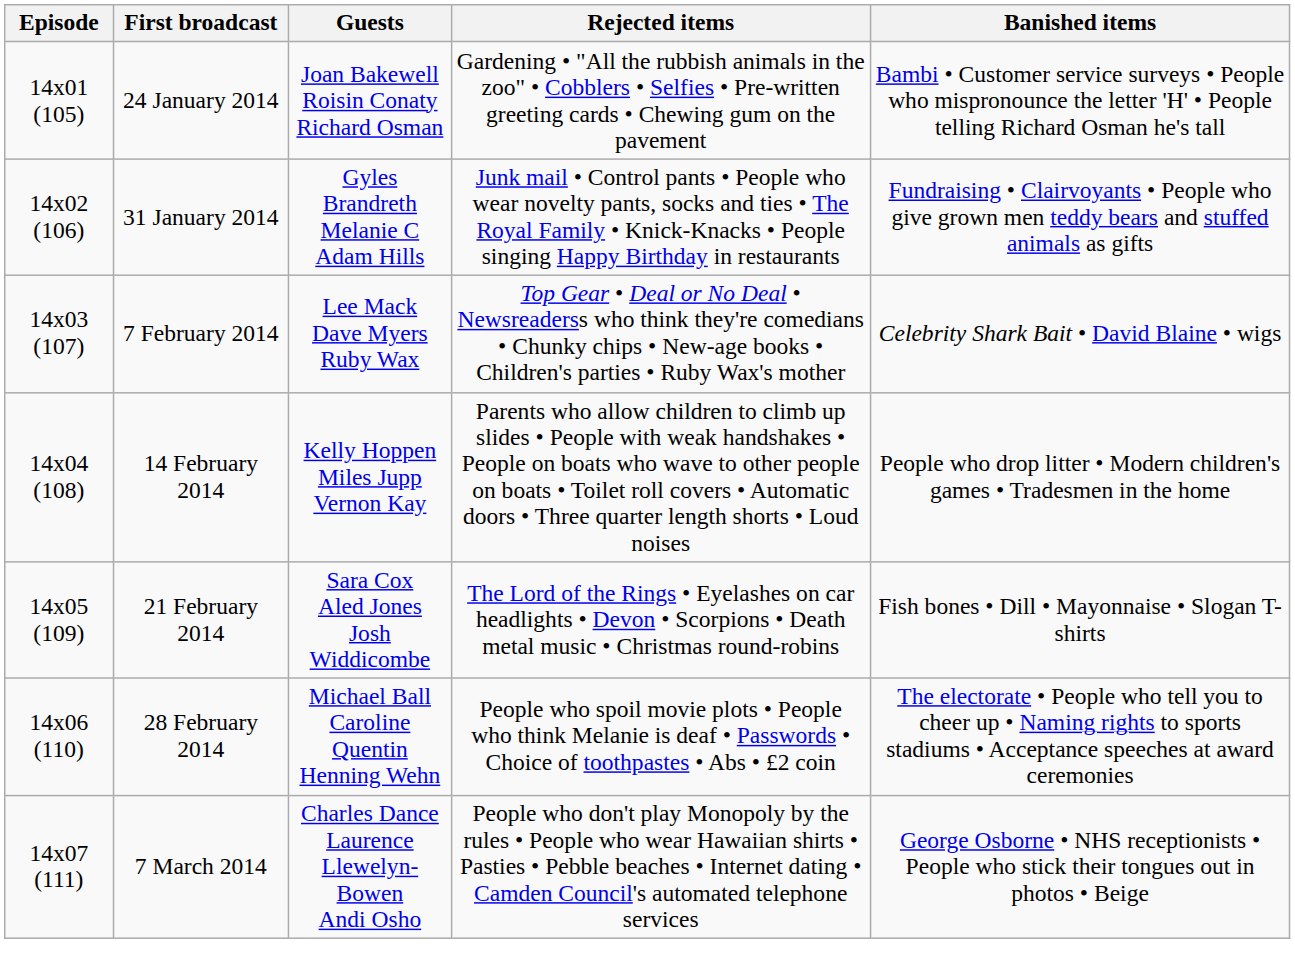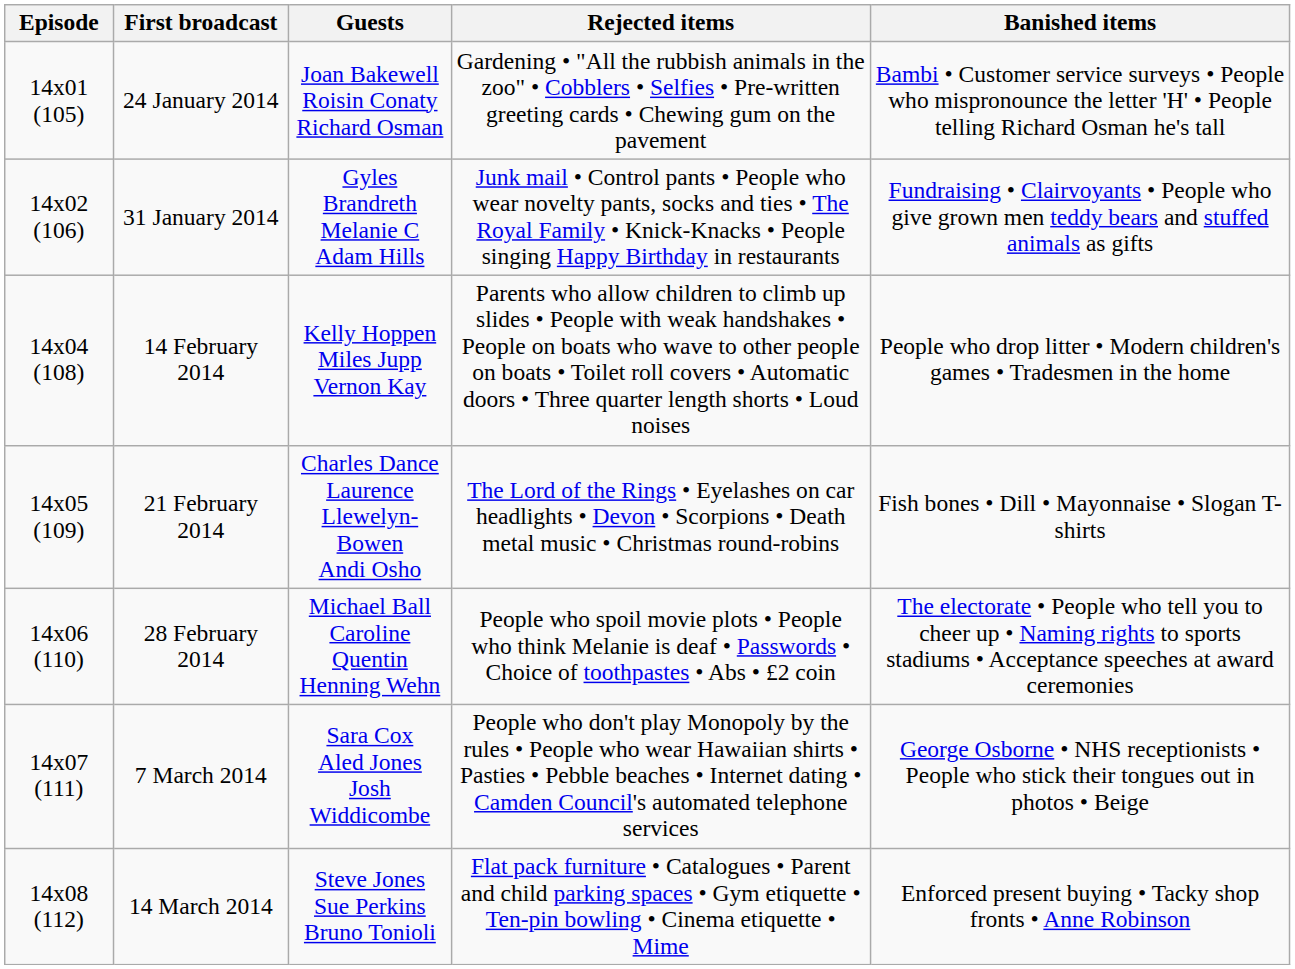 <table class="wikitable"  style="width:99%; left:0 auto; text-align:center;">
 <tr>
 <th style="width:8%;">Episode</th>
 <th style="width:13%;">First broadcast</th>
 <th style="width:12%;">Guests</th>
 <th style="width:31%;">Rejected items</th>
 <th style="width:31%;">Banished items</th>
 </tr>
 <tr>
 <td>14x01 (105)</td>
 <td>24 January 2014</td>
 <td><a href='#'>Joan Bakewell</a><br><a href='#'>Roisin Conaty</a><br><a href='#'>Richard Osman</a></td>
 <td>Gardening • "All the rubbish animals in the zoo" • <a href='#'>Cobblers</a> • <a href='#'>Selfies</a> • Pre-written greeting cards • Chewing gum on the pavement</td>
 <td><a href='#'>Bambi</a> • Customer service surveys • People who mispronounce the letter 'H' • People telling Richard Osman he's tall</td>
 </tr>
 <tr>
 <td>14x02 (106)</td>
 <td>31 January 2014</td>
 <td><a href='#'>Gyles Brandreth</a><br><a href='#'>Melanie C</a><br><a href='#'>Adam Hills</a></td>
 <td><a href='#'>Junk mail</a> • Control pants • People who wear novelty pants, socks and ties • <a href='#'>The Royal Family</a> • Knick-Knacks • People singing <a href='#'>Happy Birthday</a> in restaurants</td>
 <td><a href='#'>Fundraising</a> • <a href='#'>Clairvoyants</a> • People who give grown men <a href='#'>teddy bears</a> and <a href='#'>stuffed animals</a> as gifts</td>
 </tr>
 <tr>
-<td>14x03 (107)</td>
-<td>7 February 2014</td>
-<td><a href='#'>Lee Mack</a><br><a href='#'>Dave Myers</a><br><a href='#'>Ruby Wax</a></td>
-<td><em><a href='#'>Top Gear</a></em> • <em><a href='#'>Deal or No Deal</a></em> • <a href='#'>Newsreaders</a>s who think they're comedians • Chunky chips • New-age books • Children's parties • Ruby Wax's mother</td>
-<td><em>Celebrity Shark Bait</em> • <a href='#'>David Blaine</a> • wigs</td>
-</tr>
-<tr>
 <td>14x04 (108)</td>
 <td>14 February 2014</td>
 <td><a href='#'>Kelly Hoppen</a><br><a href='#'>Miles Jupp</a><br><a href='#'>Vernon Kay</a></td>
 <td>Parents who allow children to climb up slides • People with weak handshakes • People on boats who wave to other people on boats • Toilet roll covers • Automatic doors • Three quarter length shorts • Loud noises</td>
 <td>People who drop litter • Modern children's games • Tradesmen in the home</td>
 </tr>
 <tr>
 <td>14x05 (109)</td>
 <td>21 February 2014</td>
-<td><a href='#'>Sara Cox</a><br><a href='#'>Aled Jones</a><br><a href='#'>Josh Widdicombe</a></td>
+<td><a href='#'>Charles Dance</a><br><a href='#'>Laurence Llewelyn-Bowen</a><br><a href='#'>Andi Osho</a></td>
 <td><a href='#'>The Lord of the Rings</a> • Eyelashes on car headlights • <a href='#'>Devon</a> • Scorpions • Death metal music • Christmas round-robins</td>
 <td>Fish bones • Dill • Mayonnaise • Slogan T-shirts</td>
 </tr>
 <tr>
 <td>14x06 (110)</td>
 <td>28 February 2014</td>
 <td><a href='#'>Michael Ball</a><br><a href='#'>Caroline Quentin</a><br><a href='#'>Henning Wehn</a></td>
 <td>People who spoil movie plots • People who think Melanie is deaf • <a href='#'>Passwords</a> • Choice of <a href='#'>toothpastes</a> • Abs • £2 coin</td>
 <td><a href='#'>The electorate</a> • People who tell you to cheer up • <a href='#'>Naming rights</a> to sports stadiums • Acceptance speeches at award ceremonies</td>
 </tr>
 <tr>
 <td>14x07 (111)</td>
 <td>7 March 2014</td>
-<td><a href='#'>Charles Dance</a><br><a href='#'>Laurence Llewelyn-Bowen</a><br><a href='#'>Andi Osho</a></td>
+<td><a href='#'>Sara Cox</a><br><a href='#'>Aled Jones</a><br><a href='#'>Josh Widdicombe</a></td>
 <td>People who don't play Monopoly by the rules • People who wear Hawaiian shirts • Pasties • Pebble beaches • Internet dating • <a href='#'>Camden Council</a>'s automated telephone services</td>
 <td><a href='#'>George Osborne</a> • NHS receptionists • People who stick their tongues out in photos • Beige</td>
 </tr>
+<tr>
+<td>14x08 (112)</td>
+<td>14 March 2014</td>
+<td><a href='#'>Steve Jones</a><br><a href='#'>Sue Perkins</a><br><a href='#'>Bruno Tonioli</a></td>
+<td><a href='#'>Flat pack furniture</a> • Catalogues • Parent and child <a href='#'>parking spaces</a> • Gym etiquette • <a href='#'>Ten-pin bowling</a> • Cinema etiquette • <a href='#'>Mime</a></td>
+<td>Enforced present buying • Tacky shop fronts • <a href='#'>Anne Robinson</a></td>
+</tr>
 </table>
